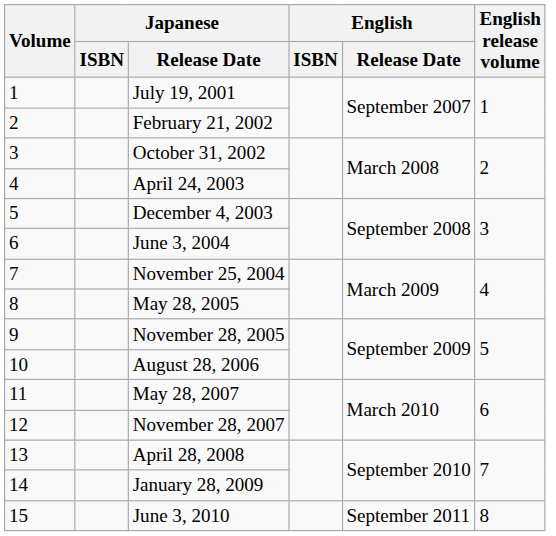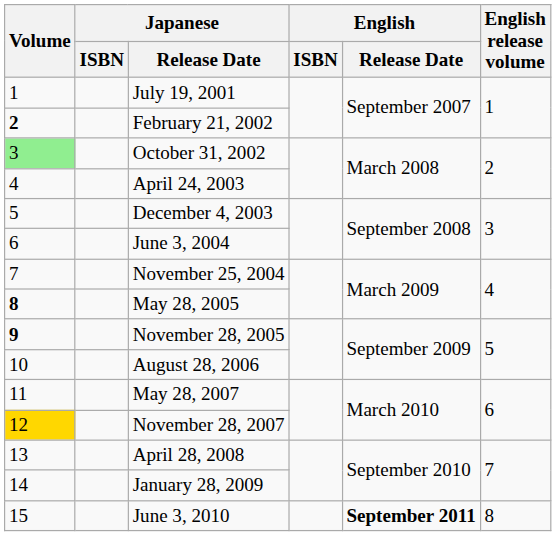 <table class="wikitable">
 <tr>
 <th rowspan="2">Volume</th>
 <th colspan="2">Japanese</th>
 <th colspan="2">English</th>
 <th rowspan="2">English release<br>volume</th>
 </tr>
 <tr>
 <th>ISBN</th>
 <th>Release Date</th>
 <th>ISBN</th>
 <th>Release Date</th>
 </tr>
 <tr>
 <td>1</td>
 <td></td>
 <td>July 19, 2001</td>
 <td rowspan="2"></td>
 <td rowspan="2">September 2007</td>
 <td style="width: 50px;" rowspan="2">1</td>
 </tr>
 <tr>
-<td>2</td>
+<td><strong>2</strong></td>
 <td></td>
 <td>February 21, 2002</td>
 </tr>
 <tr>
-<td>3</td>
+<td style="background: lightgreen;">3</td>
 <td></td>
 <td>October 31, 2002</td>
 <td rowspan="2"></td>
 <td rowspan="2">March 2008</td>
 <td rowspan="2">2</td>
 </tr>
 <tr>
 <td>4</td>
 <td></td>
 <td>April 24, 2003</td>
 </tr>
 <tr>
 <td>5</td>
 <td></td>
 <td>December 4, 2003</td>
 <td rowspan="2"></td>
 <td rowspan="2">September 2008</td>
 <td rowspan="2">3</td>
 </tr>
 <tr>
 <td>6</td>
 <td></td>
 <td>June 3, 2004</td>
 </tr>
 <tr>
 <td>7</td>
 <td></td>
 <td>November 25, 2004</td>
 <td rowspan="2"></td>
 <td rowspan="2">March 2009</td>
 <td rowspan="2">4</td>
 </tr>
 <tr>
-<td>8</td>
+<td><strong>8</strong></td>
 <td></td>
 <td>May 28, 2005</td>
 </tr>
 <tr>
-<td>9</td>
+<td><strong>9</strong></td>
 <td></td>
 <td>November 28, 2005</td>
 <td rowspan="2"></td>
 <td rowspan="2">September 2009</td>
 <td rowspan="2">5</td>
 </tr>
 <tr>
 <td>10</td>
 <td></td>
 <td>August 28, 2006</td>
 </tr>
 <tr>
 <td>11</td>
 <td></td>
 <td>May 28, 2007</td>
 <td rowspan="2"></td>
 <td rowspan="2">March 2010</td>
 <td rowspan="2">6</td>
 </tr>
 <tr>
-<td>12</td>
+<td style="background: gold;">12</td>
 <td></td>
 <td>November 28, 2007</td>
 </tr>
 <tr>
 <td>13</td>
 <td></td>
 <td>April 28, 2008</td>
 <td rowspan="2"></td>
 <td rowspan="2">September 2010</td>
 <td rowspan="2">7</td>
 </tr>
 <tr>
 <td>14</td>
 <td></td>
 <td>January 28, 2009</td>
 </tr>
 <tr>
 <td>15</td>
 <td></td>
 <td>June 3, 2010</td>
 <td></td>
-<td>September 2011</td>
+<td><strong>September 2011</strong></td>
 <td rowspan="2">8</td>
 </tr>
 </table>
